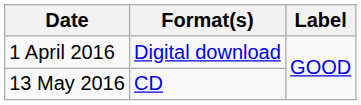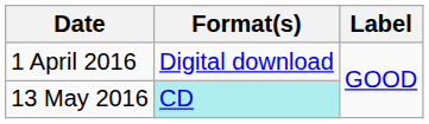 <table class="wikitable plainrowheaders">
 <tr>
 <th scope="col">Date</th>
 <th scope="col">Format(s)</th>
 <th scope="col">Label</th>
 </tr>
 <tr>
 <td>1 April 2016</td>
 <td><a href='#'>Digital download</a></td>
 <td rowspan="2"><a href='#'>GOOD</a></td>
 </tr>
 <tr>
 <td>13 May 2016</td>
-<td><a href='#'>CD</a></td>
+<td style="background: paleturquoise;"><a href='#'>CD</a></td>
 </tr>
 </table>
